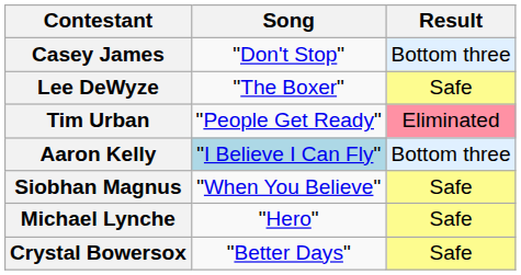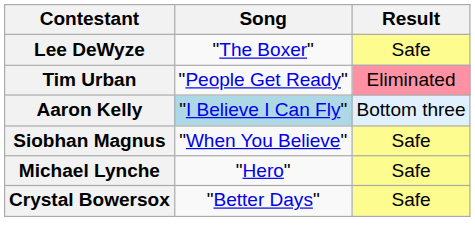 <table class="wikitable unsortable" style="text-align:center;">
 <tr>
 <th scope="col">Contestant</th>
 <th scope="col">Song</th>
 <th scope="col">Result</th>
-</tr>
-<tr>
-<th scope="row">Casey James</th>
-<td>"<a href='#'>Don't Stop</a>"</td>
-<td bgcolor="E0F0FF">Bottom three</td>
 </tr>
 <tr>
 <th scope="row">Lee DeWyze</th>
 <td>"<a href='#'>The Boxer</a>"</td>
 <td style="background:#FDFC8F">Safe</td>
 </tr>
 <tr>
 <th scope="row">Tim Urban</th>
 <td>"<a href='#'>People Get Ready</a>"</td>
 <td bgcolor="FF91A4">Eliminated</td>
 </tr>
 <tr>
 <th scope="row">Aaron Kelly</th>
 <td style="background: lightblue;">"<a href='#'>I Believe I Can Fly</a>"</td>
 <td bgcolor="E0F0FF">Bottom three</td>
 </tr>
 <tr>
 <th scope="row">Siobhan Magnus</th>
 <td>"<a href='#'>When You Believe</a>"</td>
 <td style="background:#FDFC8F">Safe</td>
 </tr>
 <tr>
 <th scope="row">Michael Lynche</th>
 <td>"<a href='#'>Hero</a>"</td>
 <td style="background:#FDFC8F">Safe</td>
 </tr>
 <tr>
 <th scope="row">Crystal Bowersox</th>
 <td>"<a href='#'>Better Days</a>"</td>
 <td style="background:#FDFC8F">Safe</td>
 </tr>
 </table>
